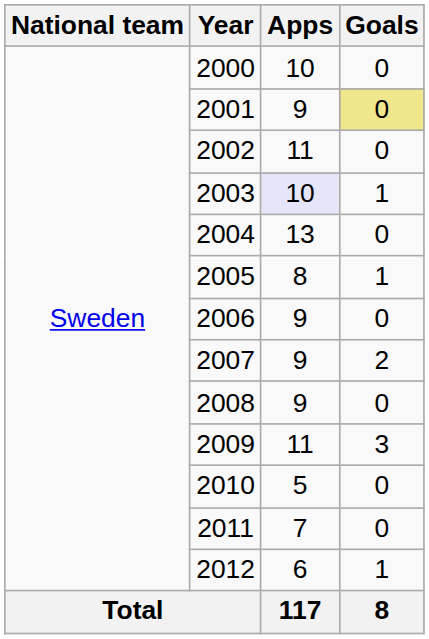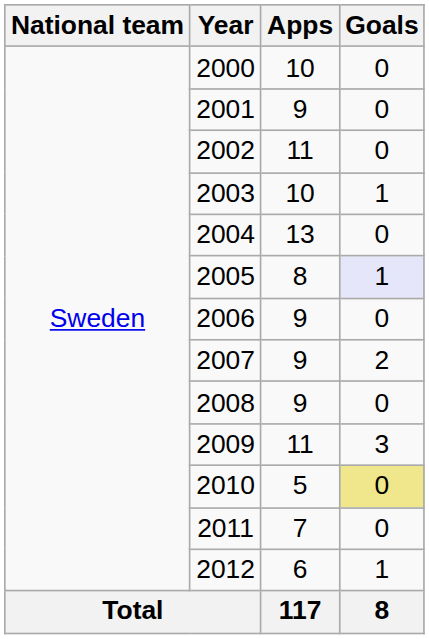 <table class="wikitable" style="text-align:center">
 <tr>
 <th>National team</th>
 <th>Year</th>
 <th>Apps</th>
 <th>Goals</th>
 </tr>
 <tr>
 <td rowspan="13"><a href='#'>Sweden</a></td>
 <td>2000</td>
 <td>10</td>
 <td>0</td>
 </tr>
 <tr>
 <td>2001</td>
 <td>9</td>
-<td style="background: khaki;">0</td>
+<td>0</td>
 </tr>
 <tr>
 <td>2002</td>
 <td>11</td>
 <td>0</td>
 </tr>
 <tr>
 <td>2003</td>
-<td style="background: lavender;">10</td>
+<td>10</td>
 <td>1</td>
 </tr>
 <tr>
 <td>2004</td>
 <td>13</td>
 <td>0</td>
 </tr>
 <tr>
 <td>2005</td>
 <td>8</td>
-<td>1</td>
+<td style="background: lavender;">1</td>
 </tr>
 <tr>
 <td>2006</td>
 <td>9</td>
 <td>0</td>
 </tr>
 <tr>
 <td>2007</td>
 <td>9</td>
 <td>2</td>
 </tr>
 <tr>
 <td>2008</td>
 <td>9</td>
 <td>0</td>
 </tr>
 <tr>
 <td>2009</td>
 <td>11</td>
 <td>3</td>
 </tr>
 <tr>
 <td>2010</td>
 <td>5</td>
-<td>0</td>
+<td style="background: khaki;">0</td>
 </tr>
 <tr>
 <td>2011</td>
 <td>7</td>
 <td>0</td>
 </tr>
 <tr>
 <td>2012</td>
 <td>6</td>
 <td>1</td>
 </tr>
 <tr>
 <th colspan="2">Total</th>
 <th>117</th>
 <th>8</th>
 </tr>
 </table>
